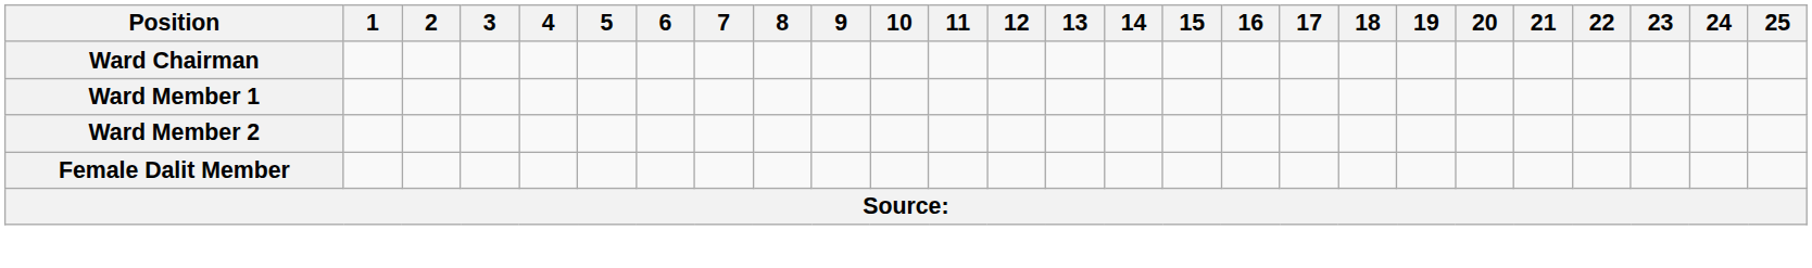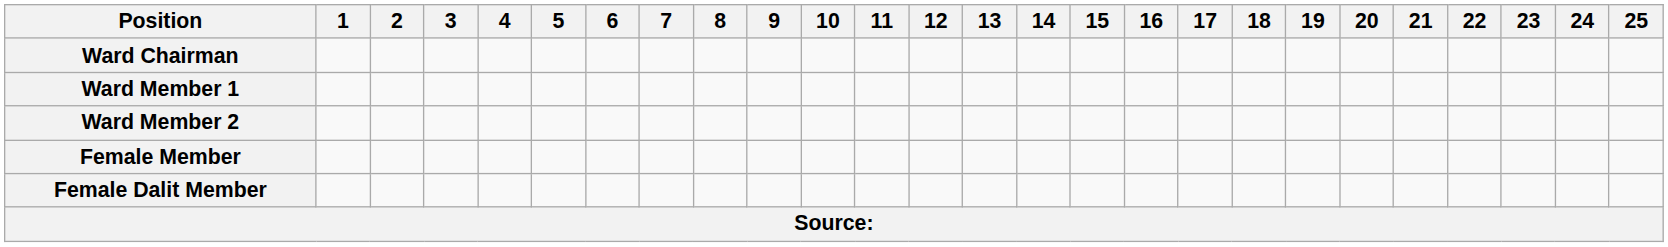 <table class="wikitable">
 <tr>
 <th style="width:500pt;">Position</th>
 <th width="3.25%">1</th>
 <th width="3.25%">2</th>
 <th width="3.25%">3</th>
 <th width="3.25%">4</th>
 <th width="3.25%">5</th>
 <th width="3.25%">6</th>
 <th width="3.25%">7</th>
 <th width="3.25%">8</th>
 <th width="3.25%">9</th>
 <th width="3.25%">10</th>
 <th width="3.25%">11</th>
 <th width="3.25%">12</th>
 <th width="3.25%">13</th>
 <th width="3.25%">14</th>
 <th width="3.25%">15</th>
 <th width="3.25%">16</th>
 <th width="3.25%">17</th>
 <th width="3.25%">18</th>
 <th width="3.25%">19</th>
 <th width="3.25%">20</th>
 <th width="3.25%">21</th>
 <th width="3.25%">22</th>
 <th width="3.25%">23</th>
 <th width="3.25%">24</th>
 <th width="3.25%">25</th>
 </tr>
 <tr>
 <th>Ward Chairman</th>
 <td style="background-color:"></td>
 <td style="background-color:"></td>
 <td style="background-color:"></td>
 <td style="background-color:"></td>
 <td style="background-color:"></td>
 <td style="background-color:"></td>
 <td style="background-color:"></td>
 <td style="background-color:"></td>
 <td style="background-color:"></td>
 <td style="background-color:"></td>
 <td style="background-color:"></td>
 <td style="background-color:"></td>
 <td style="background-color:"></td>
 <td style="background-color:"></td>
 <td style="background-color:"></td>
 <td style="background-color:"></td>
 <td style="background-color:"></td>
 <td style="background-color:"></td>
 <td style="background-color:"></td>
 <td style="background-color:"></td>
 <td style="background-color:"></td>
 <td style="background-color:"></td>
 <td style="background-color:"></td>
 <td style="background-color:"></td>
 <td style="background-color:"></td>
 </tr>
 <tr>
 <th>Ward Member 1</th>
 <td style="background-color:"></td>
 <td style="background-color:"></td>
 <td style="background-color:"></td>
 <td style="background-color:"></td>
 <td style="background-color:"></td>
 <td style="background-color:"></td>
 <td style="background-color:"></td>
 <td style="background-color:"></td>
 <td style="background-color:"></td>
 <td style="background-color:"></td>
 <td style="background-color:"></td>
 <td style="background-color:"></td>
 <td style="background-color:"></td>
 <td style="background-color:"></td>
 <td style="background-color:"></td>
 <td style="background-color:"></td>
 <td style="background-color:"></td>
 <td style="background-color:"></td>
 <td style="background-color:"></td>
 <td style="background-color:"></td>
 <td style="background-color:"></td>
 <td style="background-color:"></td>
 <td style="background-color:"></td>
 <td style="background-color:"></td>
 <td style="background-color:"></td>
 </tr>
 <tr>
 <th>Ward Member 2</th>
 <td style="background-color:"></td>
 <td style="background-color:"></td>
 <td style="background-color:"></td>
 <td style="background-color:"></td>
 <td style="background-color:"></td>
 <td style="background-color:"></td>
 <td style="background-color:"></td>
 <td style="background-color:"></td>
 <td style="background-color:"></td>
 <td style="background-color:"></td>
 <td style="background-color:"></td>
 <td style="background-color:"></td>
 <td style="background-color:"></td>
 <td style="background-color:"></td>
 <td style="background-color:"></td>
 <td style="background-color:"></td>
 <td style="background-color:"></td>
 <td style="background-color:"></td>
 <td style="background-color:"></td>
 <td style="background-color:"></td>
 <td style="background-color:"></td>
 <td style="background-color:"></td>
 <td style="background-color:"></td>
 <td style="background-color:"></td>
 <td style="background-color:"></td>
 </tr>
 <tr>
+<th>Female Member</th>
+<td style="background-color:"></td>
+<td style="background-color:"></td>
+<td style="background-color:"></td>
+<td style="background-color:"></td>
+<td style="background-color:"></td>
+<td style="background-color:"></td>
+<td style="background-color:"></td>
+<td style="background-color:"></td>
+<td style="background-color:"></td>
+<td style="background-color:"></td>
+<td style="background-color:"></td>
+<td style="background-color:"></td>
+<td style="background-color:"></td>
+<td style="background-color:"></td>
+<td style="background-color:"></td>
+<td style="background-color:"></td>
+<td style="background-color:"></td>
+<td style="background-color:"></td>
+<td style="background-color:"></td>
+<td style="background-color:"></td>
+<td style="background-color:"></td>
+<td style="background-color:"></td>
+<td style="background-color:"></td>
+<td style="background-color:"></td>
+<td style="background-color:"></td>
+</tr>
+<tr>
 <th>Female Dalit Member</th>
 <td style="background-color:"></td>
 <td style="background-color:"></td>
 <td style="background-color:"></td>
 <td style="background-color:"></td>
 <td style="background-color:"></td>
 <td style="background-color:"></td>
 <td style="background-color:"></td>
 <td style="background-color:"></td>
 <td style="background-color:"></td>
 <td style="background-color:"></td>
 <td style="background-color:"></td>
 <td style="background-color:"></td>
 <td style="background-color:"></td>
 <td style="background-color:"></td>
 <td style="background-color:"></td>
 <td style="background-color:"></td>
 <td style="background-color:"></td>
 <td style="background-color:"></td>
 <td style="background-color:"></td>
 <td style="background-color:"></td>
 <td style="background-color:"></td>
 <td style="background-color:"></td>
 <td style="background-color:"></td>
 <td style="background-color:"></td>
 <td style="background-color:"></td>
 </tr>
 <tr>
 <th colspan="26">Source: </th>
 </tr>
 </table>
